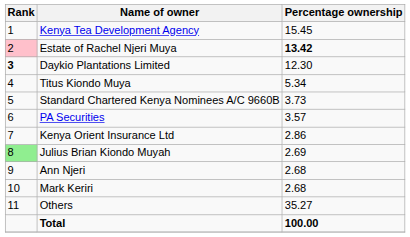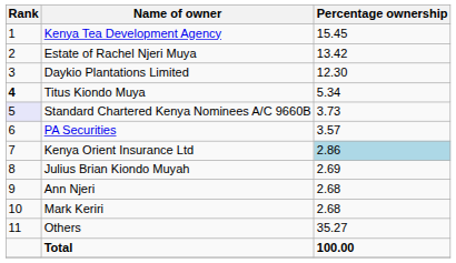 <table class="wikitable sortable" style="margin-left:auto;margin-right:auto">
 <tr>
 <th style="width:2em;">Rank</th>
 <th>Name of owner</th>
 <th>Percentage ownership</th>
 </tr>
 <tr>
 <td>1</td>
 <td><a href='#'>Kenya Tea Development Agency</a></td>
 <td>15.45</td>
 </tr>
 <tr>
-<td style="background: pink;">2</td>
+<td>2</td>
 <td>Estate of Rachel Njeri Muya</td>
-<td><strong>13.42</strong></td>
+<td>13.42</td>
 </tr>
 <tr>
-<td><strong>3</strong></td>
+<td>3</td>
 <td>Daykio Plantations Limited</td>
 <td>12.30</td>
 </tr>
 <tr>
-<td>4</td>
+<td><strong>4</strong></td>
 <td>Titus Kiondo Muya</td>
 <td>5.34</td>
 </tr>
 <tr>
-<td>5</td>
+<td style="background: lavender;">5</td>
 <td>Standard Chartered Kenya Nominees A/C 9660B</td>
 <td>3.73</td>
 </tr>
 <tr>
 <td>6</td>
 <td><a href='#'>PA Securities</a></td>
 <td>3.57</td>
 </tr>
 <tr>
 <td>7</td>
 <td>Kenya Orient Insurance Ltd</td>
-<td>2.86</td>
+<td style="background: lightblue;">2.86</td>
 </tr>
 <tr>
-<td style="background: lightgreen;">8</td>
+<td>8</td>
 <td>Julius Brian Kiondo Muyah</td>
 <td>2.69</td>
 </tr>
 <tr>
 <td>9</td>
 <td>Ann Njeri</td>
 <td>2.68</td>
 </tr>
 <tr>
 <td>10</td>
 <td>Mark Keriri</td>
 <td>2.68</td>
 </tr>
 <tr>
 <td>11</td>
 <td>Others</td>
 <td>35.27</td>
 </tr>
 <tr>
 <td></td>
 <td><strong>Total</strong></td>
 <td><strong>100.00</strong></td>
 </tr>
 <tr>
 </tr>
 </table>
